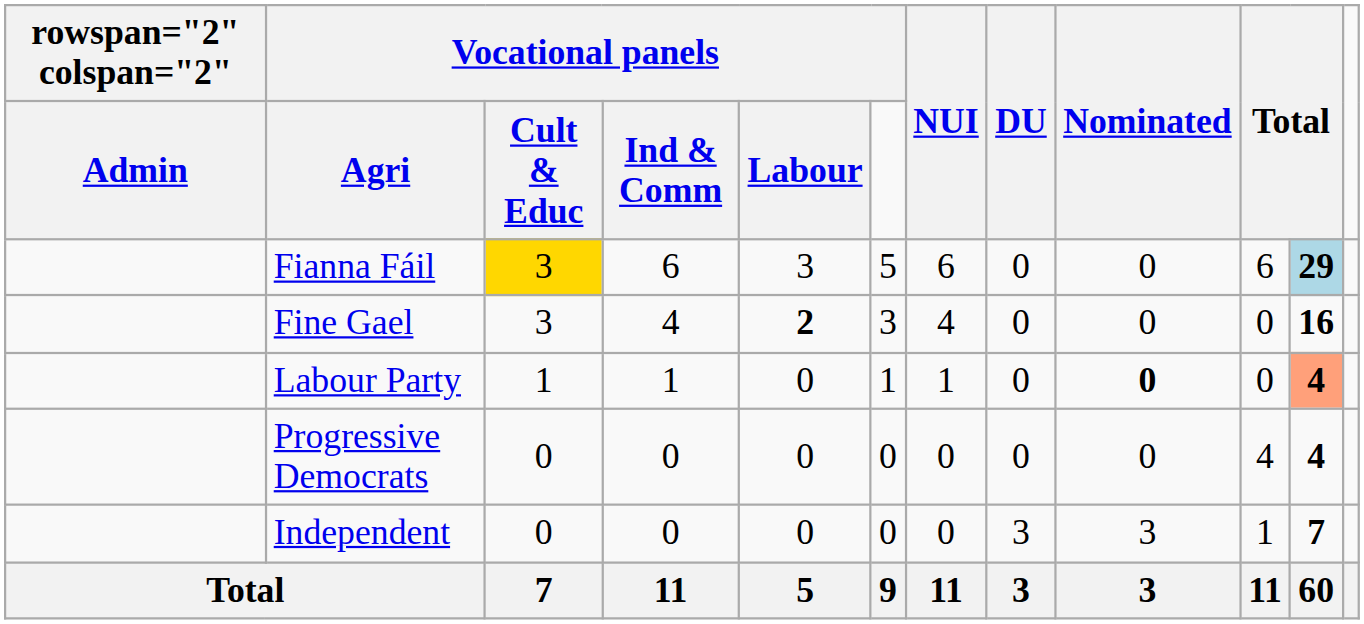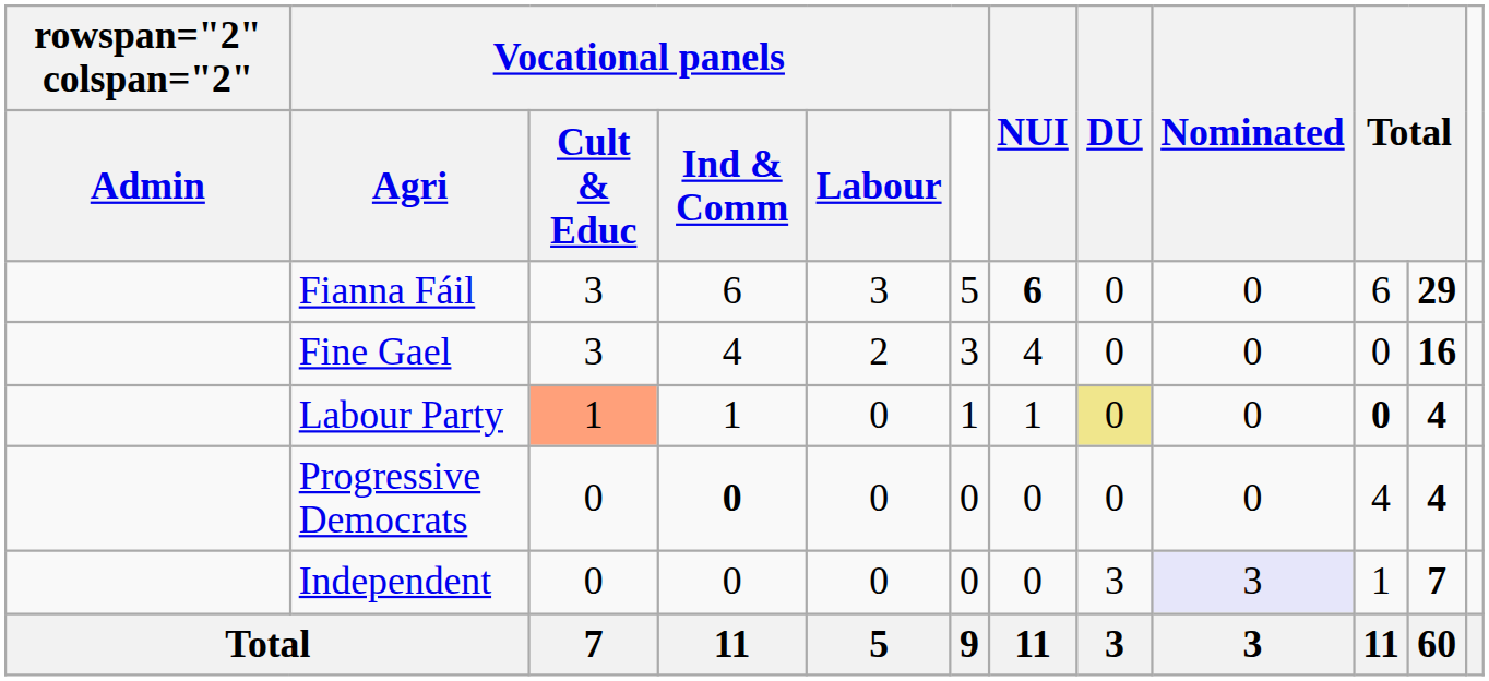 <table class="wikitable">
 <tr>
 <th>rowspan="2" colspan="2" </th>
 <th scope="col" colspan="5"><a href='#'>Vocational panels</a></th>
 <th rowspan="2"><a href='#'>NUI</a></th>
 <th rowspan="2"><a href='#'>DU</a></th>
 <th rowspan="2"><a href='#'>Nominated</a></th>
 <th rowspan="2" colspan="2">Total</th>
 </tr>
 <tr>
 <th scope="col"><a href='#'>Admin</a></th>
 <th scope="col"><a href='#'>Agri</a></th>
 <th scope="col"><a href='#'>Cult & Educ</a></th>
 <th scope="col"><a href='#'>Ind & Comm</a></th>
 <th scope="col"><a href='#'>Labour</a></th>
 </tr>
 <tr style="text-align:center">
 <td style="background-color: "></td>
 <td align="left"><a href='#'>Fianna Fáil</a></td>
-<td style="background: gold;">3</td>
+<td>3</td>
 <td>6</td>
 <td>3</td>
 <td>5</td>
-<td>6</td>
+<td><strong>6</strong></td>
 <td>0</td>
 <td>0</td>
 <td>6</td>
-<td style="background: lightblue;"><strong>29</strong></td>
+<td><strong>29</strong></td>
 <td style="background-color: "></td>
 </tr>
 <tr style="text-align:center">
 <td style="background-color: "></td>
 <td align="left"><a href='#'>Fine Gael</a></td>
 <td>3</td>
 <td>4</td>
-<td><strong>2</strong></td>
+<td>2</td>
 <td>3</td>
 <td>4</td>
 <td>0</td>
 <td>0</td>
 <td>0</td>
 <td><strong>16</strong></td>
 <td style="background-color: "></td>
 </tr>
 <tr style="text-align:center">
 <td style="background-color: "></td>
 <td align="left"><a href='#'>Labour Party</a></td>
-<td>1</td>
+<td style="background: lightsalmon;">1</td>
 <td>1</td>
 <td>0</td>
 <td>1</td>
 <td>1</td>
+<td style="background: khaki;">0</td>
 <td>0</td>
 <td><strong>0</strong></td>
-<td>0</td>
-<td style="background: lightsalmon;"><strong>4</strong></td>
+<td><strong>4</strong></td>
 <td style="background-color: "></td>
 </tr>
 <tr style="text-align:center">
 <td style="background-color: "></td>
 <td align="left"><a href='#'>Progressive Democrats</a></td>
 <td>0</td>
-<td>0</td>
+<td><strong>0</strong></td>
 <td>0</td>
 <td>0</td>
 <td>0</td>
 <td>0</td>
 <td>0</td>
 <td>4</td>
 <td><strong>4</strong></td>
 <td style="background-color: "></td>
 </tr>
 <tr style="text-align:center">
 <td style="background-color: "></td>
 <td align="left"><a href='#'>Independent</a></td>
 <td>0</td>
 <td>0</td>
 <td>0</td>
 <td>0</td>
 <td>0</td>
 <td>3</td>
-<td>3</td>
+<td style="background: lavender;">3</td>
 <td>1</td>
 <td><strong>7</strong></td>
 <td style="background-color: "></td>
 </tr>
 <tr style="text-align:center">
 <th colspan="2">Total</th>
 <th>7</th>
 <th>11</th>
 <th>5</th>
 <th>9</th>
 <th>11</th>
 <th>3</th>
 <th>3</th>
 <th>11</th>
 <th>60</th>
 <th></th>
 </tr>
 </table>
